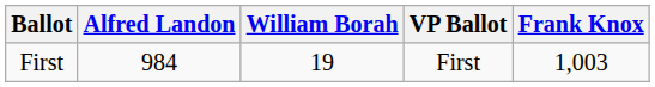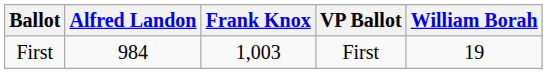 <table class="wikitable" style="text-align:center;">
 <tr>
 <th>Ballot</th>
 <th><a href='#'>Alfred Landon</a></th>
+<th><a href='#'>Frank Knox</a></th>
+<th>VP Ballot</th>
 <th><a href='#'>William Borah</a></th>
-<th>VP Ballot</th>
-<th><a href='#'>Frank Knox</a></th>
 </tr>
 <tr>
 <td>First</td>
 <td>984</td>
+<td>1,003</td>
+<td>First</td>
 <td>19</td>
-<td>First</td>
-<td>1,003</td>
 </tr>
 </table>
